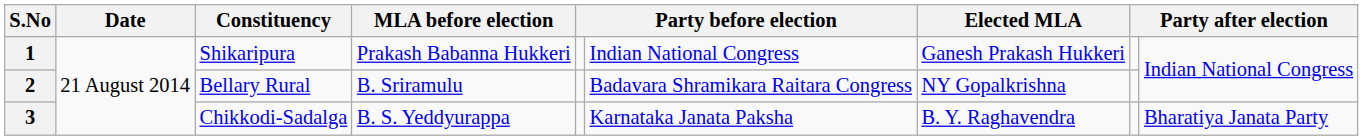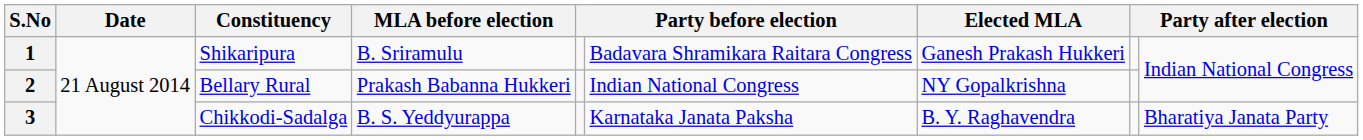 <table class="wikitable sortable">
 <tr>
 <th>S.No</th>
 <th>Date</th>
 <th>Constituency</th>
 <th>MLA before election</th>
 <th colspan="2">Party before election</th>
 <th>Elected MLA</th>
 <th colspan="2">Party after election</th>
 </tr>
 <tr>
 <th>1</th>
 <td rowspan="3">21 August 2014</td>
 <td><a href='#'>Shikaripura</a></td>
-<td><a href='#'>Prakash Babanna Hukkeri</a></td>
+<td><a href='#'>B. Sriramulu</a></td>
 <td></td>
-<td><a href='#'>Indian National Congress</a></td>
+<td><a href='#'>Badavara Shramikara Raitara Congress</a></td>
 <td><a href='#'>Ganesh Prakash Hukkeri</a></td>
 <td></td>
 <td rowspan="2"><a href='#'>Indian National Congress</a></td>
 </tr>
 <tr>
 <th>2</th>
 <td><a href='#'>Bellary Rural</a></td>
-<td><a href='#'>B. Sriramulu</a></td>
+<td><a href='#'>Prakash Babanna Hukkeri</a></td>
 <td></td>
-<td><a href='#'>Badavara Shramikara Raitara Congress</a></td>
+<td><a href='#'>Indian National Congress</a></td>
 <td><a href='#'>NY Gopalkrishna</a></td>
 <td></td>
 </tr>
 <tr>
 <th>3</th>
 <td><a href='#'>Chikkodi-Sadalga</a></td>
 <td><a href='#'>B. S. Yeddyurappa</a></td>
 <td></td>
 <td><a href='#'>Karnataka Janata Paksha</a></td>
 <td><a href='#'>B. Y. Raghavendra</a></td>
 <td></td>
 <td><a href='#'>Bharatiya Janata Party</a></td>
 </tr>
 </table>
